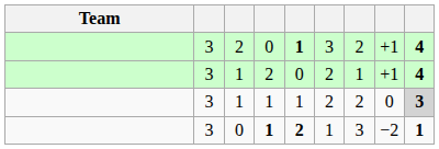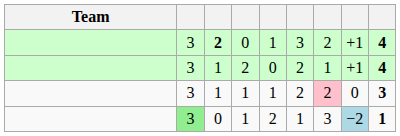 <table class="wikitable" style="text-align:center">
 <tr>
 <th width=165>Team</th>
 <th width=20></th>
 <th width=20></th>
 <th width=20></th>
 <th width=20></th>
 <th width=20></th>
 <th width=20></th>
 <th width=20></th>
 <th width=20></th>
 </tr>
 <tr bgcolor="#ccffcc">
 <td align="left"></td>
 <td>3</td>
-<td>2</td>
+<td><strong>2</strong></td>
 <td>0</td>
-<td><strong>1</strong></td>
+<td>1</td>
 <td>3</td>
 <td>2</td>
 <td>+1</td>
 <td><strong>4</strong></td>
 </tr>
 <tr bgcolor="#ccffcc">
 <td align="left"></td>
 <td>3</td>
 <td>1</td>
 <td>2</td>
 <td>0</td>
 <td>2</td>
 <td>1</td>
 <td>+1</td>
 <td><strong>4</strong></td>
 </tr>
 <tr>
 <td align="left"></td>
 <td>3</td>
 <td>1</td>
 <td>1</td>
 <td>1</td>
 <td>2</td>
-<td>2</td>
+<td style="background: pink;">2</td>
 <td>0</td>
-<td style="background: lightgrey;"><strong>3</strong></td>
+<td><strong>3</strong></td>
 </tr>
 <tr>
 <td align="left"></td>
-<td>3</td>
+<td style="background: lightgreen;">3</td>
 <td>0</td>
-<td><strong>1</strong></td>
-<td><strong>2</strong></td>
+<td>1</td>
+<td>2</td>
 <td>1</td>
 <td>3</td>
-<td>−2</td>
+<td style="background: lightblue;">−2</td>
 <td><strong>1</strong></td>
 </tr>
 </table>
